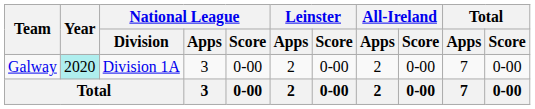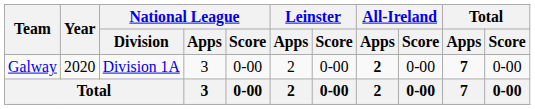 <table class="wikitable" style="text-align:center">
 <tr>
 <th rowspan="2">Team</th>
 <th rowspan="2">Year</th>
 <th colspan="3"><a href='#'>National League</a></th>
 <th colspan="2"><a href='#'>Leinster</a></th>
 <th colspan="2"><a href='#'>All-Ireland</a></th>
 <th colspan="2">Total</th>
 </tr>
 <tr>
 <th>Division</th>
 <th>Apps</th>
 <th>Score</th>
 <th>Apps</th>
 <th>Score</th>
 <th>Apps</th>
 <th>Score</th>
 <th>Apps</th>
 <th>Score</th>
 </tr>
 <tr>
 <td rowspan="1"><a href='#'>Galway</a></td>
-<td style="background: paleturquoise;">2020</td>
+<td>2020</td>
 <td rowspan="1"><a href='#'>Division 1A</a></td>
 <td>3</td>
 <td>0-00</td>
 <td>2</td>
 <td>0-00</td>
-<td>2</td>
+<td><strong>2</strong></td>
 <td>0-00</td>
-<td>7</td>
+<td><strong>7</strong></td>
 <td>0-00</td>
 </tr>
 <tr>
 <th colspan="3">Total</th>
 <th>3</th>
 <th>0-00</th>
 <th>2</th>
 <th>0-00</th>
 <th>2</th>
 <th>0-00</th>
 <th>7</th>
 <th>0-00</th>
 </tr>
 </table>
